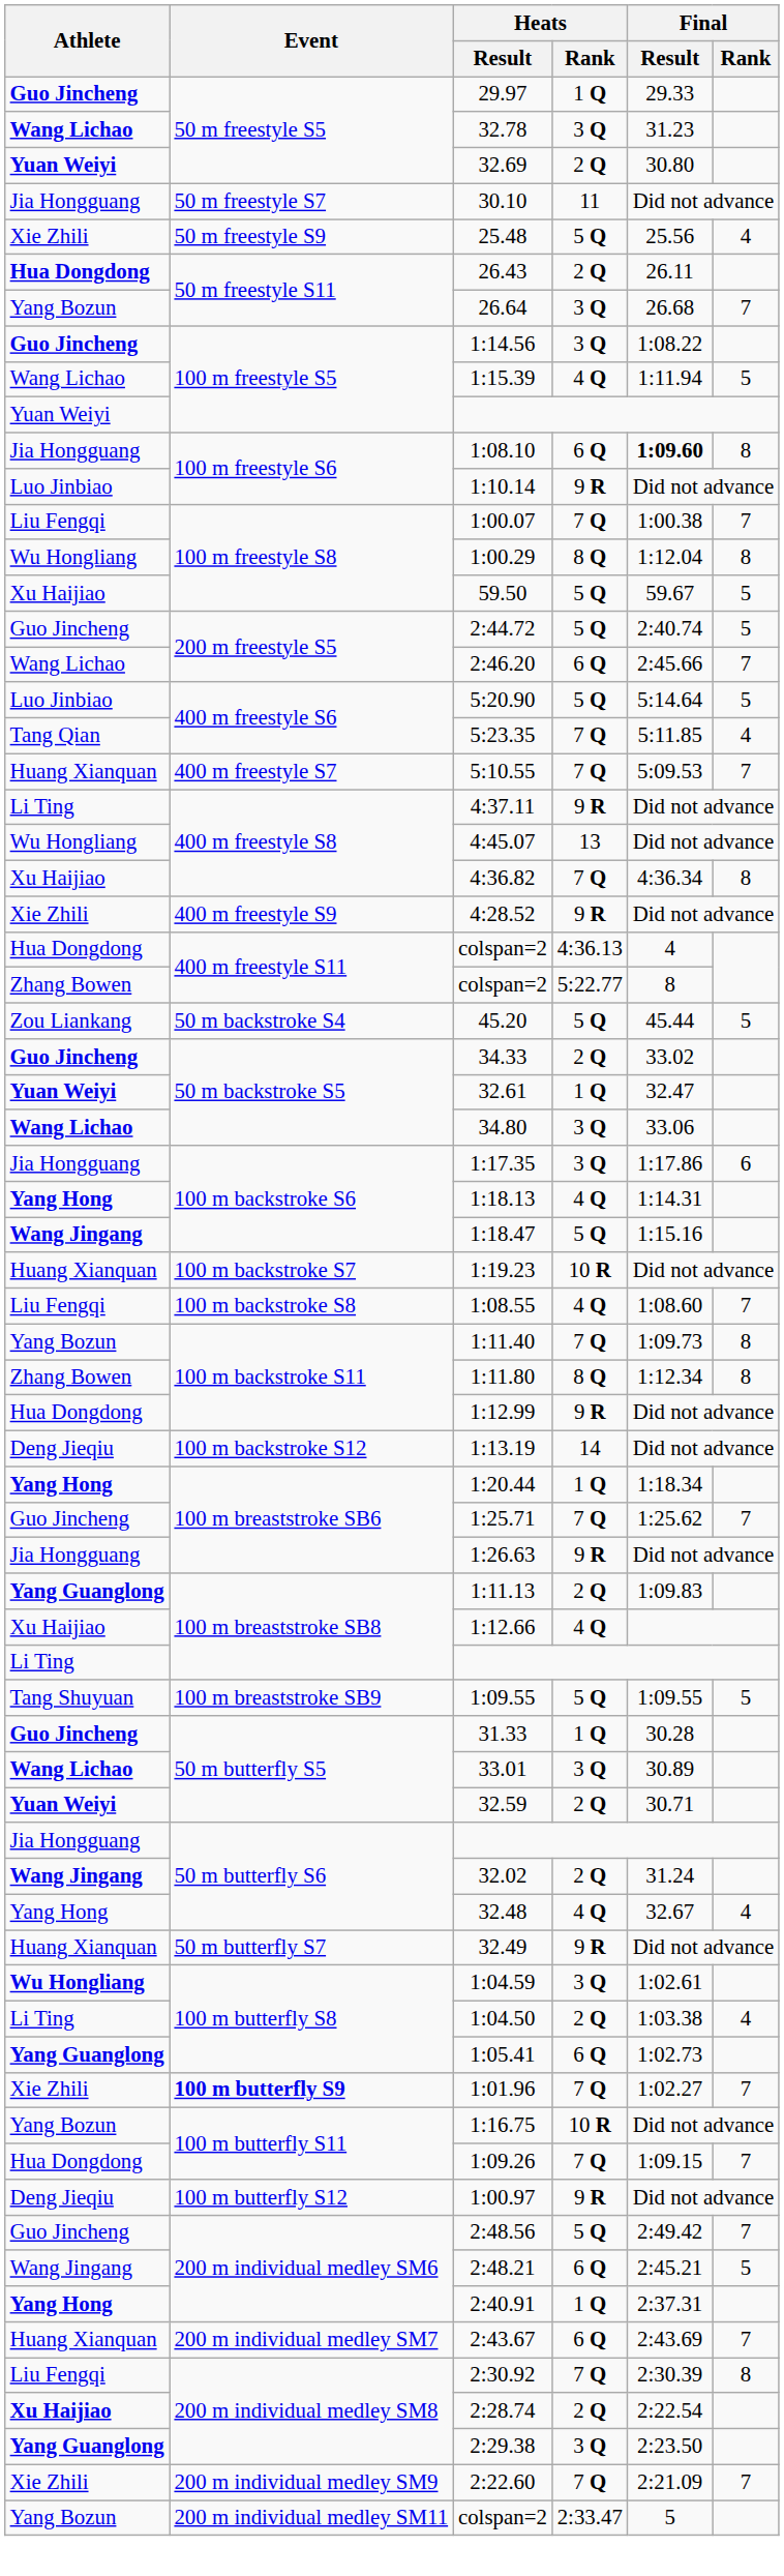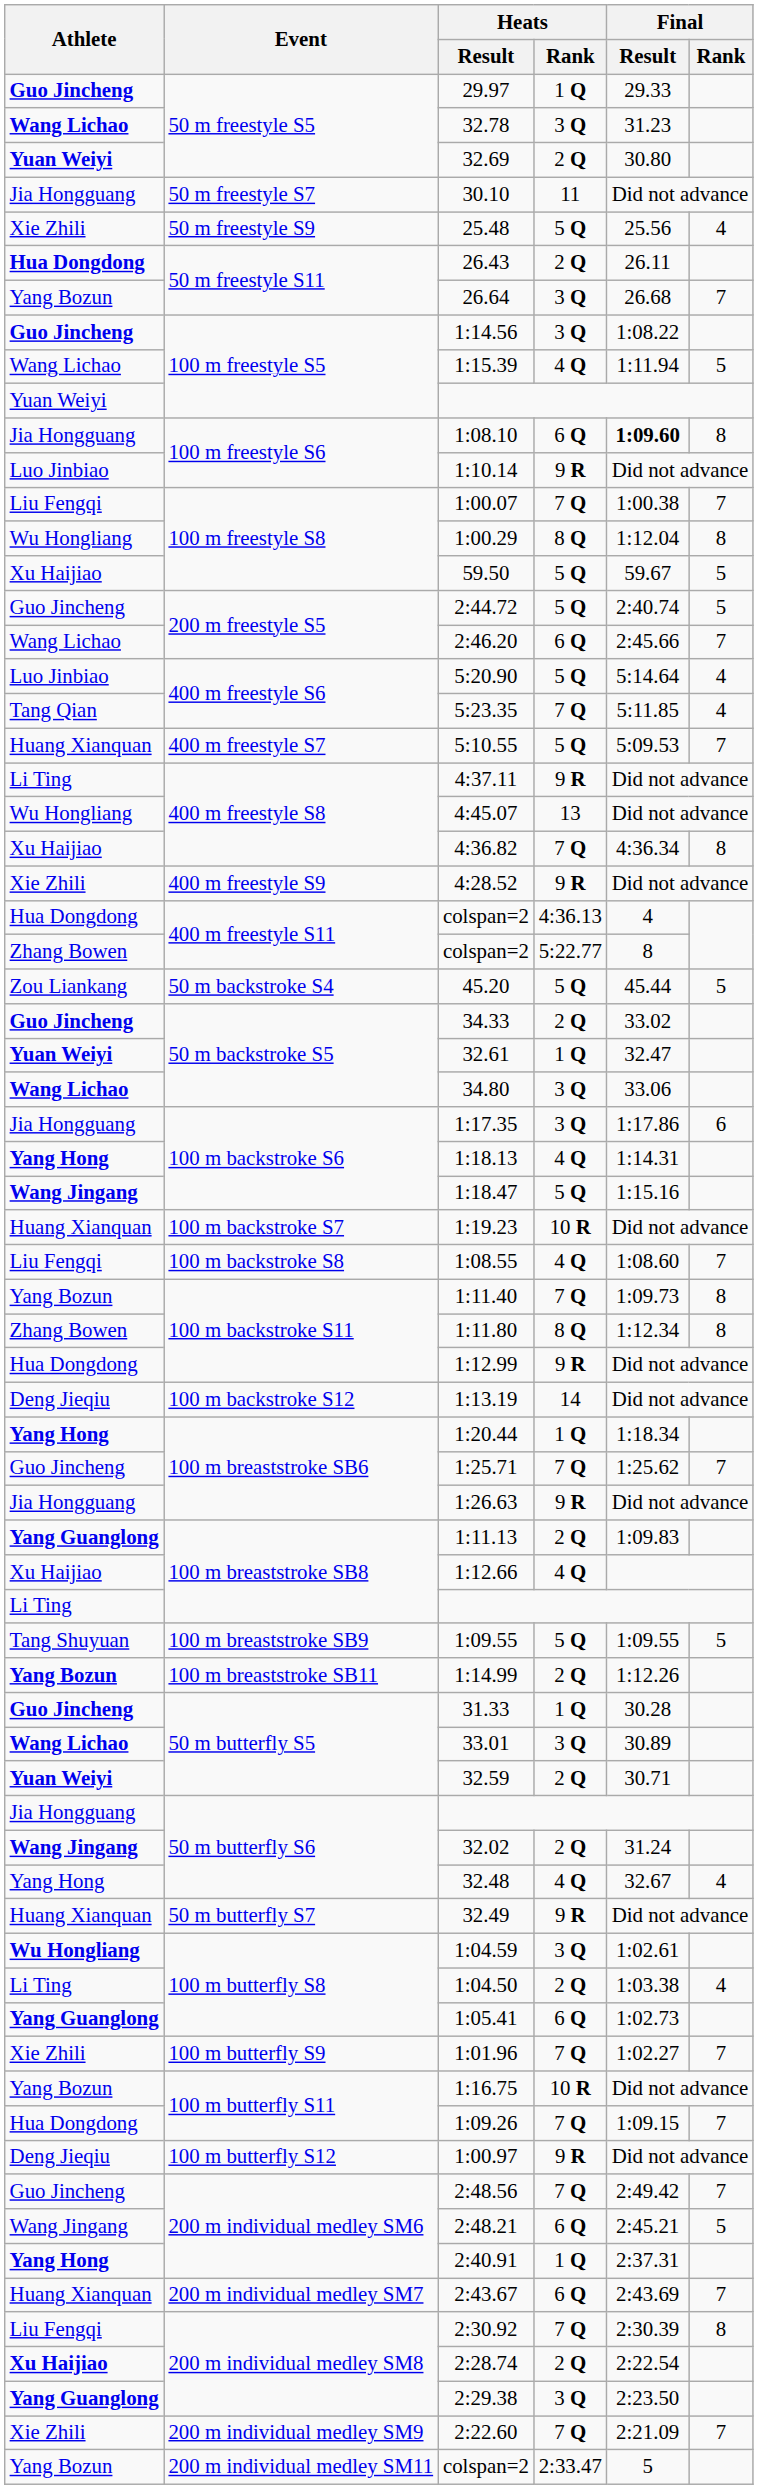 <table class=wikitable style="font-size:90%">
 <tr>
 <th rowspan="2">Athlete</th>
 <th rowspan="2">Event</th>
 <th colspan="2">Heats</th>
 <th colspan="2">Final</th>
 </tr>
 <tr>
 <th>Result</th>
 <th>Rank</th>
 <th>Result</th>
 <th>Rank</th>
 </tr>
 <tr align=center>
 <td align=left><strong><a href='#'>Guo Jincheng</a></strong></td>
 <td align=left rowspan=3><a href='#'>50 m freestyle S5</a></td>
 <td>29.97</td>
 <td>1 <strong>Q</strong></td>
 <td>29.33 <strong></strong><br><strong></strong></td>
 <td></td>
 </tr>
 <tr align=center>
 <td align=left><strong><a href='#'>Wang Lichao</a></strong></td>
 <td>32.78</td>
 <td>3 <strong>Q</strong></td>
 <td>31.23</td>
 <td></td>
 </tr>
 <tr align=center>
 <td align=left><strong><a href='#'>Yuan Weiyi</a></strong></td>
 <td>32.69</td>
 <td>2 <strong>Q</strong></td>
 <td>30.80</td>
 <td></td>
 </tr>
 <tr align=center>
 <td align=left><a href='#'>Jia Hongguang</a></td>
 <td align=left><a href='#'>50 m freestyle S7</a></td>
 <td>30.10</td>
 <td>11</td>
 <td colspan=2>Did not advance</td>
 </tr>
 <tr align=center>
 <td align=left><a href='#'>Xie Zhili</a></td>
 <td align=left><a href='#'>50 m freestyle S9</a></td>
 <td>25.48 <strong></strong></td>
 <td>5 <strong>Q</strong></td>
 <td>25.56</td>
 <td>4</td>
 </tr>
 <tr align=center>
 <td align=left><strong><a href='#'>Hua Dongdong</a></strong></td>
 <td align=left rowspan=2><a href='#'>50 m freestyle S11</a></td>
 <td>26.43</td>
 <td>2 <strong>Q</strong></td>
 <td>26.11</td>
 <td></td>
 </tr>
 <tr align=center>
 <td align=left><a href='#'>Yang Bozun</a></td>
 <td>26.64</td>
 <td>3 <strong>Q</strong></td>
 <td>26.68</td>
 <td>7</td>
 </tr>
 <tr align=center>
 <td align=left><strong><a href='#'>Guo Jincheng</a></strong></td>
 <td align=left rowspan=3><a href='#'>100 m freestyle S5</a></td>
 <td>1:14.56</td>
 <td>3 <strong>Q</strong></td>
 <td>1:08.22 <strong></strong></td>
 <td></td>
 </tr>
 <tr align=center>
 <td align=left><a href='#'>Wang Lichao</a></td>
 <td>1:15.39</td>
 <td>4 <strong>Q</strong></td>
 <td>1:11.94</td>
 <td>5</td>
 </tr>
 <tr align=center>
 <td align=left><a href='#'>Yuan Weiyi</a></td>
 <td colspan=4></td>
 </tr>
 <tr align=center>
 <td align=left><a href='#'>Jia Hongguang</a></td>
 <td align=left rowspan=2><a href='#'>100 m freestyle S6</a></td>
 <td>1:08.10</td>
 <td>6 <strong>Q</strong></td>
 <td><strong>1:09.60</strong></td>
 <td>8</td>
 </tr>
 <tr align=center>
 <td align=left><a href='#'>Luo Jinbiao</a></td>
 <td>1:10.14</td>
 <td>9 <strong>R</strong></td>
 <td colspan=2>Did not advance</td>
 </tr>
 <tr align=center>
 <td align=left><a href='#'>Liu Fengqi</a></td>
 <td align=left rowspan=3><a href='#'>100 m freestyle S8</a></td>
 <td>1:00.07</td>
 <td>7 <strong>Q</strong></td>
 <td>1:00.38</td>
 <td>7</td>
 </tr>
 <tr align=center>
 <td align=left><a href='#'>Wu Hongliang</a></td>
 <td>1:00.29</td>
 <td>8 <strong>Q</strong></td>
 <td>1:12.04</td>
 <td>8</td>
 </tr>
 <tr align=center>
 <td align=left><a href='#'>Xu Haijiao</a></td>
 <td>59.50</td>
 <td>5 <strong>Q</strong></td>
 <td>59.67</td>
 <td>5</td>
 </tr>
 <tr align=center>
 <td align=left><a href='#'>Guo Jincheng</a></td>
 <td align=left rowspan=2><a href='#'>200 m freestyle S5</a></td>
 <td>2:44.72</td>
 <td>5 <strong>Q</strong></td>
 <td>2:40.74 <strong></strong></td>
 <td>5</td>
 </tr>
 <tr align=center>
 <td align=left><a href='#'>Wang Lichao</a></td>
 <td>2:46.20</td>
 <td>6 <strong>Q</strong></td>
 <td>2:45.66</td>
 <td>7</td>
 </tr>
 <tr align=center>
 <td align=left><a href='#'>Luo Jinbiao</a></td>
 <td align=left rowspan=2><a href='#'>400 m freestyle S6</a></td>
 <td>5:20.90</td>
 <td>5 <strong>Q</strong></td>
 <td>5:14.64</td>
-<td>5</td>
+<td>4</td>
 </tr>
 <tr align=center>
 <td align=left><a href='#'>Tang Qian</a></td>
 <td>5:23.35</td>
 <td>7 <strong>Q</strong></td>
 <td>5:11.85</td>
 <td>4</td>
 </tr>
 <tr align=center>
 <td align=left><a href='#'>Huang Xianquan</a></td>
 <td align=left><a href='#'>400 m freestyle S7</a></td>
 <td>5:10.55</td>
-<td>7 <strong>Q</strong></td>
+<td>5 <strong>Q</strong></td>
 <td>5:09.53</td>
 <td>7</td>
 </tr>
 <tr align=center>
 <td align=left><a href='#'>Li Ting</a></td>
 <td align=left rowspan=3><a href='#'>400 m freestyle S8</a></td>
 <td>4:37.11</td>
 <td>9 <strong>R</strong></td>
 <td colspan=2>Did not advance</td>
 </tr>
 <tr align=center>
 <td align=left><a href='#'>Wu Hongliang</a></td>
 <td>4:45.07</td>
 <td>13</td>
 <td colspan=2>Did not advance</td>
 </tr>
 <tr align=center>
 <td align=left><a href='#'>Xu Haijiao</a></td>
 <td>4:36.82</td>
 <td>7 <strong>Q</strong></td>
 <td>4:36.34</td>
 <td>8</td>
 </tr>
 <tr align=center>
 <td align=left><a href='#'>Xie Zhili</a></td>
 <td align=left><a href='#'>400 m freestyle S9</a></td>
 <td>4:28.52</td>
 <td>9 <strong>R</strong></td>
 <td colspan=2>Did not advance</td>
 </tr>
 <tr align=center>
 <td align=left><a href='#'>Hua Dongdong</a></td>
 <td align=left rowspan=2><a href='#'>400 m freestyle S11</a></td>
 <td>colspan=2 </td>
 <td>4:36.13</td>
 <td>4</td>
 </tr>
 <tr align=center>
 <td align=left><a href='#'>Zhang Bowen</a></td>
 <td>colspan=2 </td>
 <td>5:22.77</td>
 <td>8</td>
 </tr>
 <tr align=center>
 <td align=left><a href='#'>Zou Liankang</a></td>
 <td align=left><a href='#'>50 m backstroke S4</a></td>
 <td>45.20</td>
 <td>5 <strong>Q</strong></td>
 <td>45.44</td>
 <td>5</td>
 </tr>
 <tr align=center>
 <td align=left><strong><a href='#'>Guo Jincheng</a></strong></td>
 <td align=left rowspan=3><a href='#'>50 m backstroke S5</a></td>
 <td>34.33</td>
 <td>2 <strong>Q</strong></td>
 <td>33.02</td>
 <td></td>
 </tr>
 <tr align=center>
 <td align=left><strong><a href='#'>Yuan Weiyi</a></strong></td>
 <td>32.61</td>
 <td>1 <strong>Q</strong></td>
 <td>32.47</td>
 <td></td>
 </tr>
 <tr align=center>
 <td align=left><strong><a href='#'>Wang Lichao</a></strong></td>
 <td>34.80</td>
 <td>3 <strong>Q</strong></td>
 <td>33.06</td>
 <td></td>
 </tr>
 <tr align=center>
 <td align=left><a href='#'>Jia Hongguang</a></td>
 <td align=left rowspan=3><a href='#'>100 m backstroke S6</a></td>
 <td>1:17.35</td>
 <td>3 <strong>Q</strong></td>
 <td>1:17.86</td>
 <td>6</td>
 </tr>
 <tr align=center>
 <td align=left><strong><a href='#'>Yang Hong</a></strong></td>
 <td>1:18.13</td>
 <td>4 <strong>Q</strong></td>
 <td>1:14.31</td>
 <td></td>
 </tr>
 <tr align=center>
 <td align=left><strong><a href='#'>Wang Jingang</a></strong></td>
 <td>1:18.47</td>
 <td>5 <strong>Q</strong></td>
 <td>1:15.16</td>
 <td></td>
 </tr>
 <tr align=center>
 <td align=left><a href='#'>Huang Xianquan</a></td>
 <td align=left><a href='#'>100 m backstroke S7</a></td>
 <td>1:19.23</td>
 <td>10 <strong>R</strong></td>
 <td colspan=2>Did not advance</td>
 </tr>
 <tr align=center>
 <td align=left><a href='#'>Liu Fengqi</a></td>
 <td align=left><a href='#'>100 m backstroke S8</a></td>
 <td>1:08.55</td>
 <td>4 <strong>Q</strong></td>
 <td>1:08.60</td>
 <td>7</td>
 </tr>
 <tr align=center>
 <td align=left><a href='#'>Yang Bozun</a></td>
 <td align=left rowspan=3><a href='#'>100 m backstroke S11</a></td>
 <td>1:11.40</td>
 <td>7 <strong>Q</strong></td>
 <td>1:09.73</td>
 <td>8</td>
 </tr>
 <tr align=center>
 <td align=left><a href='#'>Zhang Bowen</a></td>
 <td>1:11.80</td>
 <td>8 <strong>Q</strong></td>
 <td>1:12.34</td>
 <td>8</td>
 </tr>
 <tr align=center>
 <td align=left><a href='#'>Hua Dongdong</a></td>
 <td>1:12.99</td>
 <td>9 <strong>R</strong></td>
 <td colspan=2>Did not advance</td>
 </tr>
 <tr align=center>
 <td align=left><a href='#'>Deng Jieqiu</a></td>
 <td align=left><a href='#'>100 m backstroke S12</a></td>
 <td>1:13.19</td>
 <td>14</td>
 <td colspan=2>Did not advance</td>
 </tr>
 <tr align=center>
 <td align=left><strong><a href='#'>Yang Hong</a></strong></td>
 <td align=left rowspan=3><a href='#'>100 m breaststroke SB6</a></td>
 <td>1:20.44</td>
 <td>1 <strong>Q</strong></td>
 <td>1:18.34 <strong></strong></td>
 <td></td>
 </tr>
 <tr align=center>
 <td align=left><a href='#'>Guo Jincheng</a></td>
 <td>1:25.71</td>
 <td>7 <strong>Q</strong></td>
 <td>1:25.62</td>
 <td>7</td>
 </tr>
 <tr align=center>
 <td align=left><a href='#'>Jia Hongguang</a></td>
 <td>1:26.63</td>
 <td>9 <strong>R</strong></td>
 <td colspan=2>Did not advance</td>
 </tr>
 <tr align=center>
 <td align=left><strong><a href='#'>Yang Guanglong</a></strong></td>
 <td align=left rowspan=3><a href='#'>100 m breaststroke SB8</a></td>
 <td>1:11.13</td>
 <td>2 <strong>Q</strong></td>
 <td>1:09.83</td>
 <td></td>
 </tr>
 <tr align=center>
 <td align=left><a href='#'>Xu Haijiao</a></td>
 <td>1:12.66</td>
 <td>4 <strong>Q</strong></td>
 <td colspan=2></td>
 </tr>
 <tr align=center>
 <td align=left><a href='#'>Li Ting</a></td>
 <td colspan=4></td>
 </tr>
 <tr align=center>
 <td align=left><a href='#'>Tang Shuyuan</a></td>
 <td align=left><a href='#'>100 m breaststroke SB9</a></td>
 <td>1:09.55</td>
 <td>5 <strong>Q</strong></td>
 <td>1:09.55</td>
 <td>5</td>
 </tr>
 <tr align=center>
+<td align=left><strong><a href='#'>Yang Bozun</a></strong></td>
+<td align=left><a href='#'>100 m breaststroke SB11</a></td>
+<td>1:14.99</td>
+<td>2 <strong>Q</strong></td>
+<td>1:12.26</td>
+<td></td>
+</tr>
+<tr align=center>
 <td align=left><strong><a href='#'>Guo Jincheng</a></strong></td>
 <td align=left rowspan=3><a href='#'>50 m butterfly S5</a></td>
 <td>31.33</td>
 <td>1 <strong>Q</strong></td>
 <td>30.28 <strong></strong><br><strong></strong></td>
 <td></td>
 </tr>
 <tr align=center>
 <td align=left><strong><a href='#'>Wang Lichao</a></strong></td>
 <td>33.01</td>
 <td>3 <strong>Q</strong></td>
 <td>30.89</td>
 <td></td>
 </tr>
 <tr align=center>
 <td align=left><strong><a href='#'>Yuan Weiyi</a></strong></td>
 <td>32.59</td>
 <td>2 <strong>Q</strong></td>
 <td>30.71</td>
 <td></td>
 </tr>
 <tr align=center>
 <td align=left><a href='#'>Jia Hongguang</a></td>
 <td align=left rowspan=3><a href='#'>50 m butterfly S6</a></td>
 <td colspan=4></td>
 </tr>
 <tr align=center>
 <td align=left><strong><a href='#'>Wang Jingang</a></strong></td>
 <td>32.02</td>
 <td>2 <strong>Q</strong></td>
 <td>31.24</td>
 <td></td>
 </tr>
 <tr align=center>
 <td align=left><a href='#'>Yang Hong</a></td>
 <td>32.48</td>
 <td>4 <strong>Q</strong></td>
 <td>32.67</td>
 <td>4</td>
 </tr>
 <tr align=center>
 <td align=left><a href='#'>Huang Xianquan</a></td>
 <td align=left><a href='#'>50 m butterfly S7</a></td>
 <td>32.49</td>
 <td>9 <strong>R</strong></td>
 <td colspan=2>Did not advance</td>
 </tr>
 <tr align=center>
 <td align=left><strong><a href='#'>Wu Hongliang</a></strong></td>
 <td align=left rowspan=3><a href='#'>100 m butterfly S8</a></td>
 <td>1:04.59</td>
 <td>3 <strong>Q</strong></td>
 <td>1:02.61</td>
 <td></td>
 </tr>
 <tr align=center>
 <td align=left><a href='#'>Li Ting</a></td>
 <td>1:04.50</td>
 <td>2 <strong>Q</strong></td>
 <td>1:03.38</td>
 <td>4</td>
 </tr>
 <tr align=center>
 <td align=left><strong><a href='#'>Yang Guanglong</a></strong></td>
 <td>1:05.41</td>
 <td>6 <strong>Q</strong></td>
 <td>1:02.73</td>
 <td></td>
 </tr>
 <tr align=center>
 <td align=left><a href='#'>Xie Zhili</a></td>
-<td align=left><strong><a href='#'>100 m butterfly S9</a></strong></td>
+<td align=left><a href='#'>100 m butterfly S9</a></td>
 <td>1:01.96</td>
 <td>7 <strong>Q</strong></td>
 <td>1:02.27</td>
 <td>7</td>
 </tr>
 <tr align=center>
 <td align=left><a href='#'>Yang Bozun</a></td>
 <td align=left rowspan=2><a href='#'>100 m butterfly S11</a></td>
 <td>1:16.75</td>
 <td>10 <strong>R</strong></td>
 <td colspan=2>Did not advance</td>
 </tr>
 <tr align=center>
 <td align=left><a href='#'>Hua Dongdong</a></td>
 <td>1:09.26</td>
 <td>7 <strong>Q</strong></td>
 <td>1:09.15</td>
 <td>7</td>
 </tr>
 <tr align=center>
 <td align=left><a href='#'>Deng Jieqiu</a></td>
 <td align=left><a href='#'>100 m butterfly S12</a></td>
 <td>1:00.97</td>
 <td>9 <strong>R</strong></td>
 <td colspan=2>Did not advance</td>
 </tr>
 <tr align=center>
 <td align=left><a href='#'>Guo Jincheng</a></td>
 <td align=left rowspan=3><a href='#'>200 m individual medley SM6</a></td>
 <td>2:48.56</td>
-<td>5 <strong>Q</strong></td>
+<td>7 <strong>Q</strong></td>
 <td>2:49.42</td>
 <td>7</td>
 </tr>
 <tr align=center>
 <td align=left><a href='#'>Wang Jingang</a></td>
 <td>2:48.21</td>
 <td>6 <strong>Q</strong></td>
 <td>2:45.21</td>
 <td>5</td>
 </tr>
 <tr align=center>
 <td align=left><strong><a href='#'>Yang Hong</a></strong></td>
 <td>2:40.91</td>
 <td>1 <strong>Q</strong></td>
 <td>2:37.31 <strong></strong><br><strong></strong></td>
 <td></td>
 </tr>
 <tr align=center>
 <td align=left><a href='#'>Huang Xianquan</a></td>
 <td align=left><a href='#'>200 m individual medley SM7</a></td>
 <td>2:43.67</td>
 <td>6 <strong>Q</strong></td>
 <td>2:43.69</td>
 <td>7</td>
 </tr>
 <tr align=center>
 <td align=left><a href='#'>Liu Fengqi</a></td>
 <td align=left rowspan=3><a href='#'>200 m individual medley SM8</a></td>
 <td>2:30.92</td>
 <td>7 <strong>Q</strong></td>
 <td>2:30.39</td>
 <td>8</td>
 </tr>
 <tr align=center>
 <td align=left><strong><a href='#'>Xu Haijiao</a></strong></td>
 <td>2:28.74</td>
 <td>2 <strong>Q</strong></td>
 <td>2:22.54</td>
 <td></td>
 </tr>
 <tr align=center>
 <td align=left><strong><a href='#'>Yang Guanglong</a></strong></td>
 <td>2:29.38</td>
 <td>3 <strong>Q</strong></td>
 <td>2:23.50</td>
 <td></td>
 </tr>
 <tr align=center>
 <td align=left><a href='#'>Xie Zhili</a></td>
 <td align=left><a href='#'>200 m individual medley SM9</a></td>
 <td>2:22.60</td>
 <td>7 <strong>Q</strong></td>
 <td>2:21.09</td>
 <td>7</td>
 </tr>
 <tr align=center>
 <td align=left><a href='#'>Yang Bozun</a></td>
 <td align=left><a href='#'>200 m individual medley SM11</a></td>
 <td>colspan=2 </td>
 <td>2:33.47</td>
 <td>5</td>
 </tr>
 </table>
